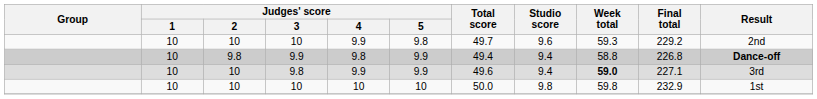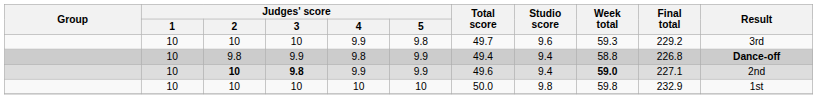 <table class="wikitable" style="font-size:100%; line-height:16px; text-align:center" width="100%">
 <tr>
 <th rowspan=2 width="11.00%">Group</th>
 <th colspan=5 width="25.00%">Judges' score</th>
 <th rowspan=2 width="05.00%">Total<br>score</th>
 <th rowspan=2 width="05.00%">Studio<br>score</th>
 <th rowspan=2 width="05.00%">Week<br>total</th>
 <th rowspan=2 width="05.00%">Final<br>total</th>
 <th rowspan=2 width="09.00%">Result<br></th>
 </tr>
 <tr>
 <th width="05%">1</th>
 <th width="05%">2</th>
 <th width="05%">3</th>
 <th width="05%">4</th>
 <th width="05%">5</th>
 </tr>
 <tr>
 <td></td>
 <td>10</td>
 <td>10</td>
 <td>10</td>
 <td>9.9</td>
 <td>9.8</td>
 <td>49.7</td>
 <td>9.6</td>
 <td>59.3</td>
 <td>229.2</td>
-<td>2nd</td>
+<td>3rd</td>
 </tr>
 <tr bgcolor="CCCCCC">
 <td></td>
 <td>10</td>
 <td>9.8</td>
 <td>9.9</td>
 <td>9.8</td>
 <td>9.9</td>
 <td>49.4</td>
 <td>9.4</td>
 <td>58.8</td>
 <td>226.8</td>
 <td><strong>Dance-off</strong></td>
 </tr>
 <tr bgcolor="DDDDDD">
 <td></td>
 <td>10</td>
-<td>10</td>
-<td>9.8</td>
+<td><strong>10</strong></td>
+<td><strong>9.8</strong></td>
 <td>9.9</td>
 <td>9.9</td>
 <td>49.6</td>
 <td>9.4</td>
 <td><strong>59.0</strong></td>
 <td>227.1</td>
-<td>3rd</td>
+<td>2nd</td>
 </tr>
 <tr>
 <td></td>
 <td>10</td>
 <td>10</td>
 <td>10</td>
 <td>10</td>
 <td>10</td>
 <td>50.0</td>
 <td>9.8</td>
 <td>59.8</td>
 <td>232.9</td>
 <td>1st</td>
 </tr>
 <tr>
 </tr>
 </table>
